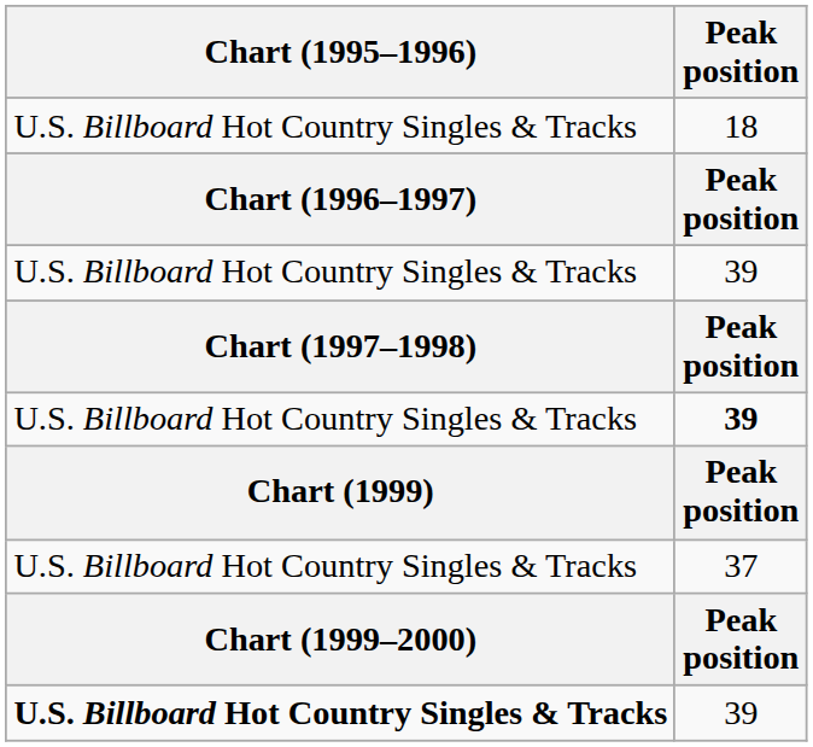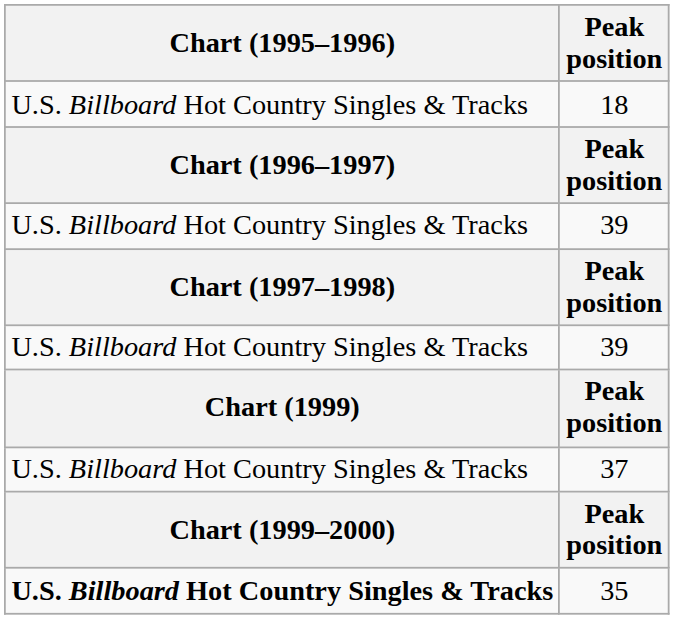 <table class="wikitable">
 <tr>
 <th align="left">Chart (1995–1996)</th>
 <th align="center">Peak<br>position</th>
 </tr>
 <tr>
 <td align="left">U.S. <em>Billboard</em> Hot Country Singles & Tracks</td>
 <td align="center">18</td>
 </tr>
 <tr>
 <th align="left">Chart (1996–1997)</th>
 <th align="center">Peak<br>position</th>
 </tr>
 <tr>
 <td align="left">U.S. <em>Billboard</em> Hot Country Singles & Tracks</td>
 <td align="center">39</td>
 </tr>
 <tr>
 <th align="left">Chart (1997–1998)</th>
 <th align="center">Peak<br>position</th>
 </tr>
 <tr>
 <td align="left">U.S. <em>Billboard</em> Hot Country Singles & Tracks</td>
-<td align="center"><strong>39</strong></td>
+<td align="center">39</td>
 </tr>
 <tr>
 <th align="left">Chart (1999)</th>
 <th align="center">Peak<br>position</th>
 </tr>
 <tr>
 <td align="left">U.S. <em>Billboard</em> Hot Country Singles & Tracks</td>
 <td align="center">37</td>
 </tr>
 <tr>
 <th align="left">Chart (1999–2000)</th>
 <th align="center">Peak<br>position</th>
 </tr>
 <tr>
 <td align="left"><strong>U.S. <em>Billboard</em> Hot Country Singles & Tracks</strong></td>
-<td align="center">39</td>
+<td align="center">35</td>
 </tr>
 </table>
